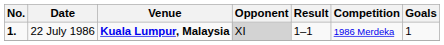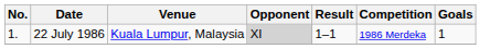 <table class="wikitable mw-collapsible">
 <tr>
 <th>No.</th>
 <th>Date</th>
 <th>Venue</th>
 <th>Opponent</th>
 <th>Result</th>
 <th>Competition</th>
 <th>Goals</th>
 </tr>
 <tr>
-<td><strong>1.</strong></td>
+<td>1.</td>
 <td>22 July 1986</td>
-<td><strong><a href='#'>Kuala Lumpur</a>, Malaysia</strong></td>
+<td><a href='#'>Kuala Lumpur</a>, Malaysia</td>
 <td style="background: lightgrey;"> XI</td>
 <td>1–1</td>
 <td><small><a href='#'>1986 Merdeka</a></small></td>
 <td>1</td>
 </tr>
 <tr>
 </tr>
 </table>
